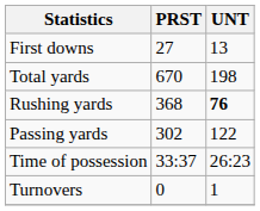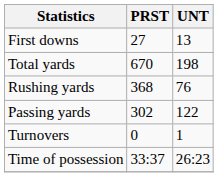 <table class="wikitable" style="float: left;">
 <tr>
 <th>Statistics</th>
 <th>PRST</th>
 <th>UNT</th>
 </tr>
 <tr>
 <td>First downs</td>
 <td>27</td>
 <td>13</td>
 </tr>
 <tr>
 <td>Total yards</td>
 <td>670</td>
 <td>198</td>
 </tr>
 <tr>
 <td>Rushing yards</td>
 <td>368</td>
-<td><strong>76</strong></td>
+<td>76</td>
 </tr>
 <tr>
 <td>Passing yards</td>
 <td>302</td>
 <td>122</td>
 </tr>
 <tr>
+<td>Turnovers</td>
+<td>0</td>
+<td>1</td>
+</tr>
+<tr>
 <td>Time of possession</td>
 <td>33:37</td>
 <td>26:23</td>
 </tr>
 <tr>
-<td>Turnovers</td>
-<td>0</td>
-<td>1</td>
-</tr>
-<tr>
 </tr>
 </table>
